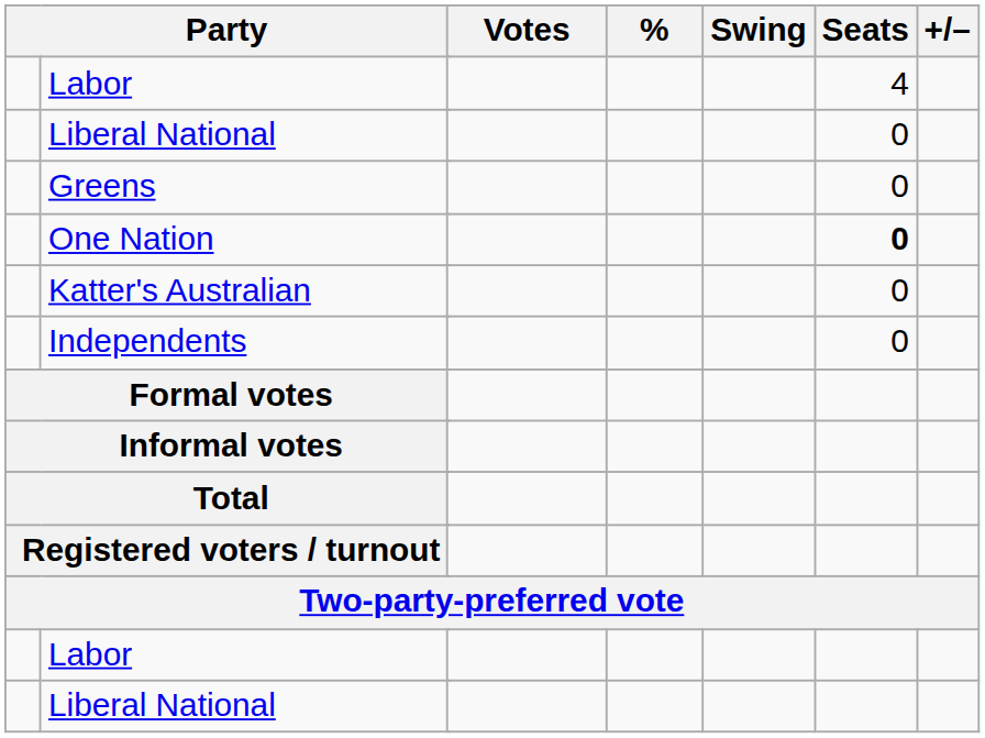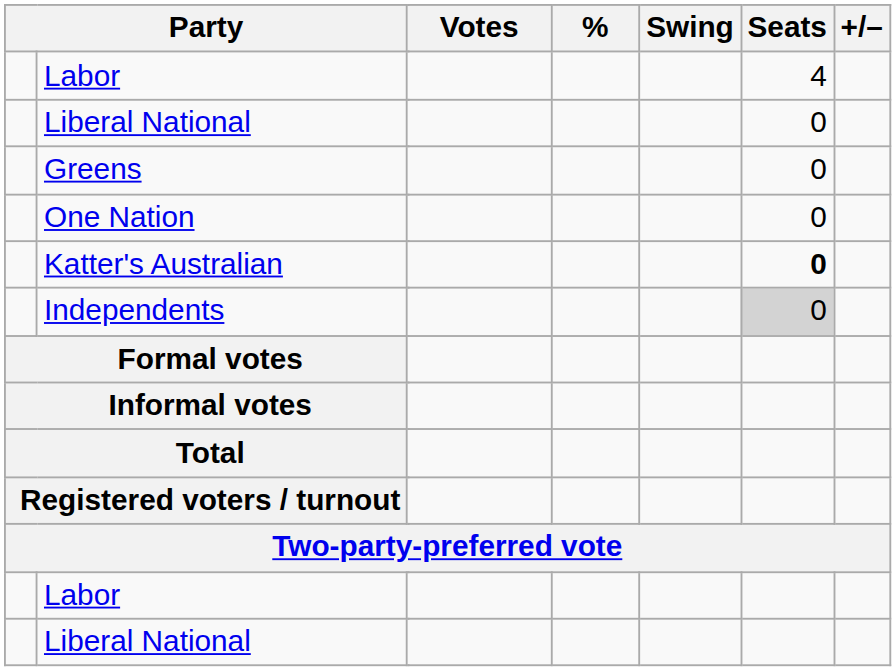 <table class="wikitable" style="text-align:right;  margin-bottom:0">
 <tr>
 <th style="width:10px" colspan=3>Party</th>
 <th style="width:70px;">Votes</th>
 <th style="width:40px;">%</th>
 <th style="width:45px;">Swing</th>
 <th style="width:40px;">Seats</th>
 <th>+/–</th>
 </tr>
 <tr>
 <td> </td>
 <td style="text-align:left;" colspan="2"><a href='#'>Labor</a></td>
 <td></td>
 <td></td>
 <td></td>
 <td>4</td>
 <td></td>
 </tr>
 <tr>
 <td> </td>
 <td style="text-align:left;" colspan="2"><a href='#'>Liberal National</a></td>
 <td></td>
 <td></td>
 <td></td>
 <td>0</td>
 <td></td>
 </tr>
 <tr>
 <td> </td>
 <td style="text-align:left;" colspan="2"><a href='#'>Greens</a></td>
 <td></td>
 <td></td>
 <td></td>
 <td>0</td>
 <td></td>
 </tr>
 <tr>
 <td> </td>
 <td style="text-align:left;" colspan="2"><a href='#'>One Nation</a></td>
 <td></td>
 <td></td>
 <td></td>
-<td><strong>0</strong></td>
+<td>0</td>
 <td></td>
 </tr>
 <tr>
 <td> </td>
 <td style="text-align:left;" colspan="2"><a href='#'>Katter's Australian</a></td>
 <td></td>
 <td></td>
 <td></td>
-<td>0</td>
+<td><strong>0</strong></td>
 <td></td>
 </tr>
 <tr>
 <td> </td>
 <td colspan="2" style="text-align:left;"><a href='#'>Independents</a></td>
 <td></td>
 <td></td>
 <td></td>
-<td>0</td>
+<td style="background: lightgrey;">0</td>
 <td></td>
 </tr>
 <tr>
 <th colspan="3" rowspan="1"> Formal votes</th>
 <td></td>
 <td></td>
 <td></td>
 <td></td>
 <td></td>
 </tr>
 <tr>
 <th colspan="3" rowspan="1"> Informal votes</th>
 <td></td>
 <td></td>
 <td></td>
 <td></td>
 <td></td>
 </tr>
 <tr>
 <th colspan="3" rowspan="1"> <strong>Total </strong></th>
 <td></td>
 <td></td>
 <td></td>
 <td></td>
 <td></td>
 </tr>
 <tr>
 <th colspan="3" rowspan="1"> Registered voters / turnout</th>
 <td></td>
 <td></td>
 <td></td>
 <td></td>
 <td></td>
 </tr>
 <tr>
 <th colspan="8"><a href='#'>Two-party-preferred vote</a></th>
 </tr>
 <tr>
 <td></td>
 <td style="text-align:left;" colspan="2"><a href='#'>Labor</a></td>
 <td></td>
 <td></td>
 <td></td>
 <td></td>
 <td></td>
 </tr>
 <tr>
 <td></td>
 <td style="text-align:left;" colspan="2"><a href='#'>Liberal National</a></td>
 <td></td>
 <td></td>
 <td></td>
 <td></td>
 <td></td>
 </tr>
 </table>
